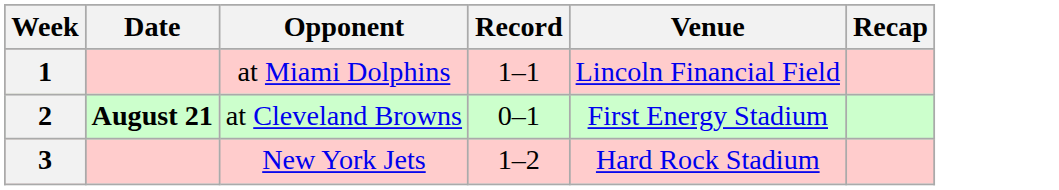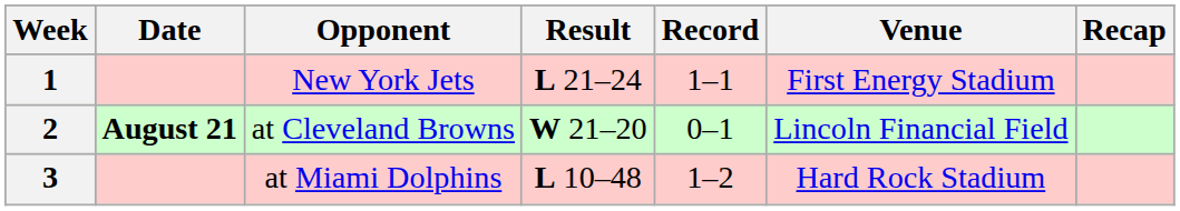 <table class="wikitable" style="text-align:center">
 <tr>
 <th>Week</th>
 <th>Date</th>
 <th>Opponent</th>
+<th>Result</th>
 <th>Record</th>
 <th>Venue</th>
 <th>Recap</th>
 </tr>
 <tr style="background:#fcc">
 <th>1</th>
 <td></td>
-<td>at <a href='#'>Miami Dolphins</a></td>
+<td><a href='#'>New York Jets</a></td>
+<td><strong>L</strong> 21–24</td>
 <td>1–1</td>
-<td><a href='#'>Lincoln Financial Field</a></td>
+<td><a href='#'>First Energy Stadium</a></td>
 <td></td>
 </tr>
 <tr style="background:#cfc">
 <th>2</th>
 <td><strong>August 21</strong></td>
 <td>at <a href='#'>Cleveland Browns</a></td>
+<td><strong>W</strong> 21–20</td>
 <td>0–1</td>
-<td><a href='#'>First Energy Stadium</a></td>
+<td><a href='#'>Lincoln Financial Field</a></td>
 <td></td>
 </tr>
 <tr style="background:#fcc">
 <th>3</th>
 <td></td>
-<td><a href='#'>New York Jets</a></td>
+<td>at <a href='#'>Miami Dolphins</a></td>
+<td><strong>L</strong> 10–48</td>
 <td>1–2</td>
 <td><a href='#'>Hard Rock Stadium</a></td>
 <td></td>
 </tr>
 </table>
